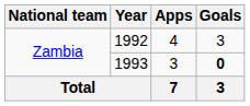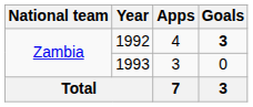 <table class="wikitable" style="text-align: center;">
 <tr>
 <th>National team</th>
 <th>Year</th>
 <th>Apps</th>
 <th>Goals</th>
 </tr>
 <tr>
 <td rowspan="2"><a href='#'>Zambia</a></td>
 <td>1992</td>
 <td>4</td>
-<td>3</td>
+<td><strong>3</strong></td>
 </tr>
 <tr>
 <td>1993</td>
 <td>3</td>
-<td><strong>0</strong></td>
+<td>0</td>
 </tr>
 <tr>
 <th colspan="2">Total</th>
 <th>7</th>
 <th>3</th>
 </tr>
 </table>
